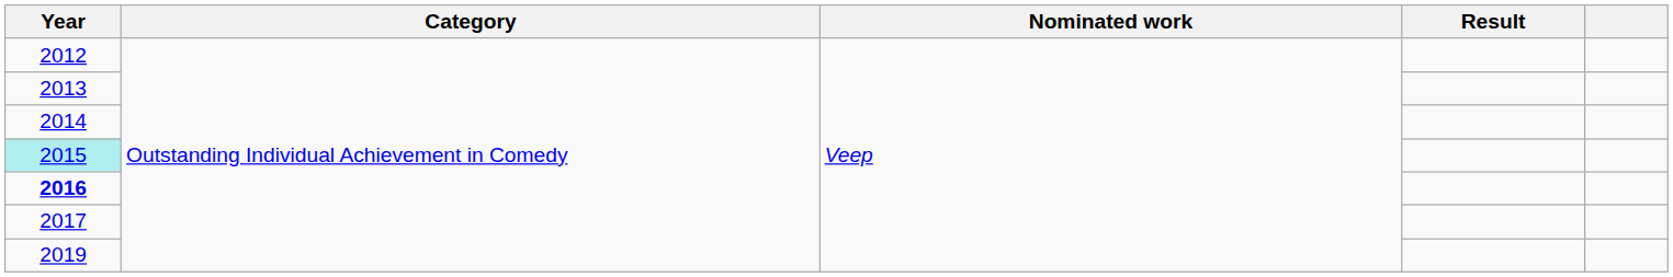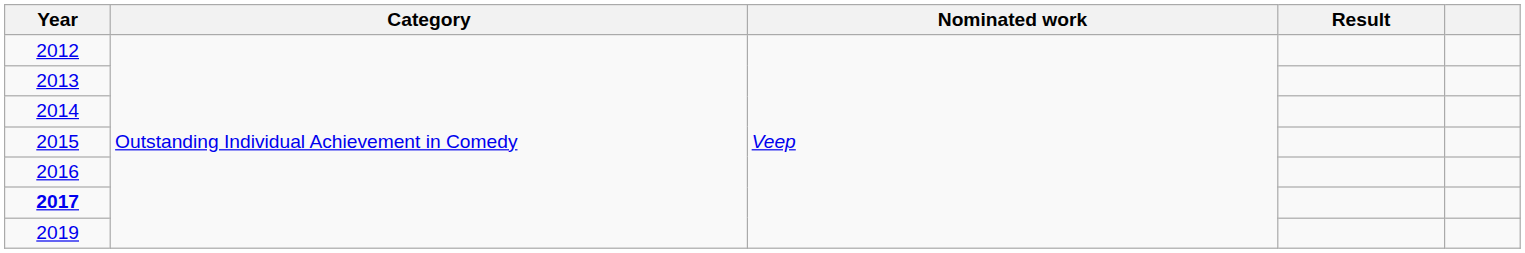 <table width="100%" class="wikitable">
 <tr>
 <th width="7%">Year</th>
 <th width="42%">Category</th>
 <th width="35%">Nominated work</th>
 <th width="11%">Result</th>
 <th width="5%"></th>
 </tr>
 <tr>
 <td align="center"><a href='#'>2012</a></td>
 <td rowspan="7"><a href='#'>Outstanding Individual Achievement in Comedy</a></td>
 <td rowspan="7"><em><a href='#'>Veep</a></em></td>
 <td></td>
 <td align="center"></td>
 </tr>
 <tr>
 <td align="center"><a href='#'>2013</a></td>
 <td></td>
 <td align="center"></td>
 </tr>
 <tr>
 <td align="center"><a href='#'>2014</a></td>
 <td></td>
 <td align="center"></td>
 </tr>
 <tr>
-<td align="center" style="background: paleturquoise;"><a href='#'>2015</a></td>
+<td align="center"><a href='#'>2015</a></td>
 <td></td>
 <td align="center"></td>
 </tr>
 <tr>
-<td align="center"><strong><a href='#'>2016</a></strong></td>
+<td align="center"><a href='#'>2016</a></td>
 <td></td>
 <td align="center"></td>
 </tr>
 <tr>
-<td align="center"><a href='#'>2017</a></td>
+<td align="center"><strong><a href='#'>2017</a></strong></td>
 <td></td>
 <td align="center"></td>
 </tr>
 <tr>
 <td align="center"><a href='#'>2019</a></td>
 <td></td>
 <td align="center"></td>
 </tr>
 </table>
